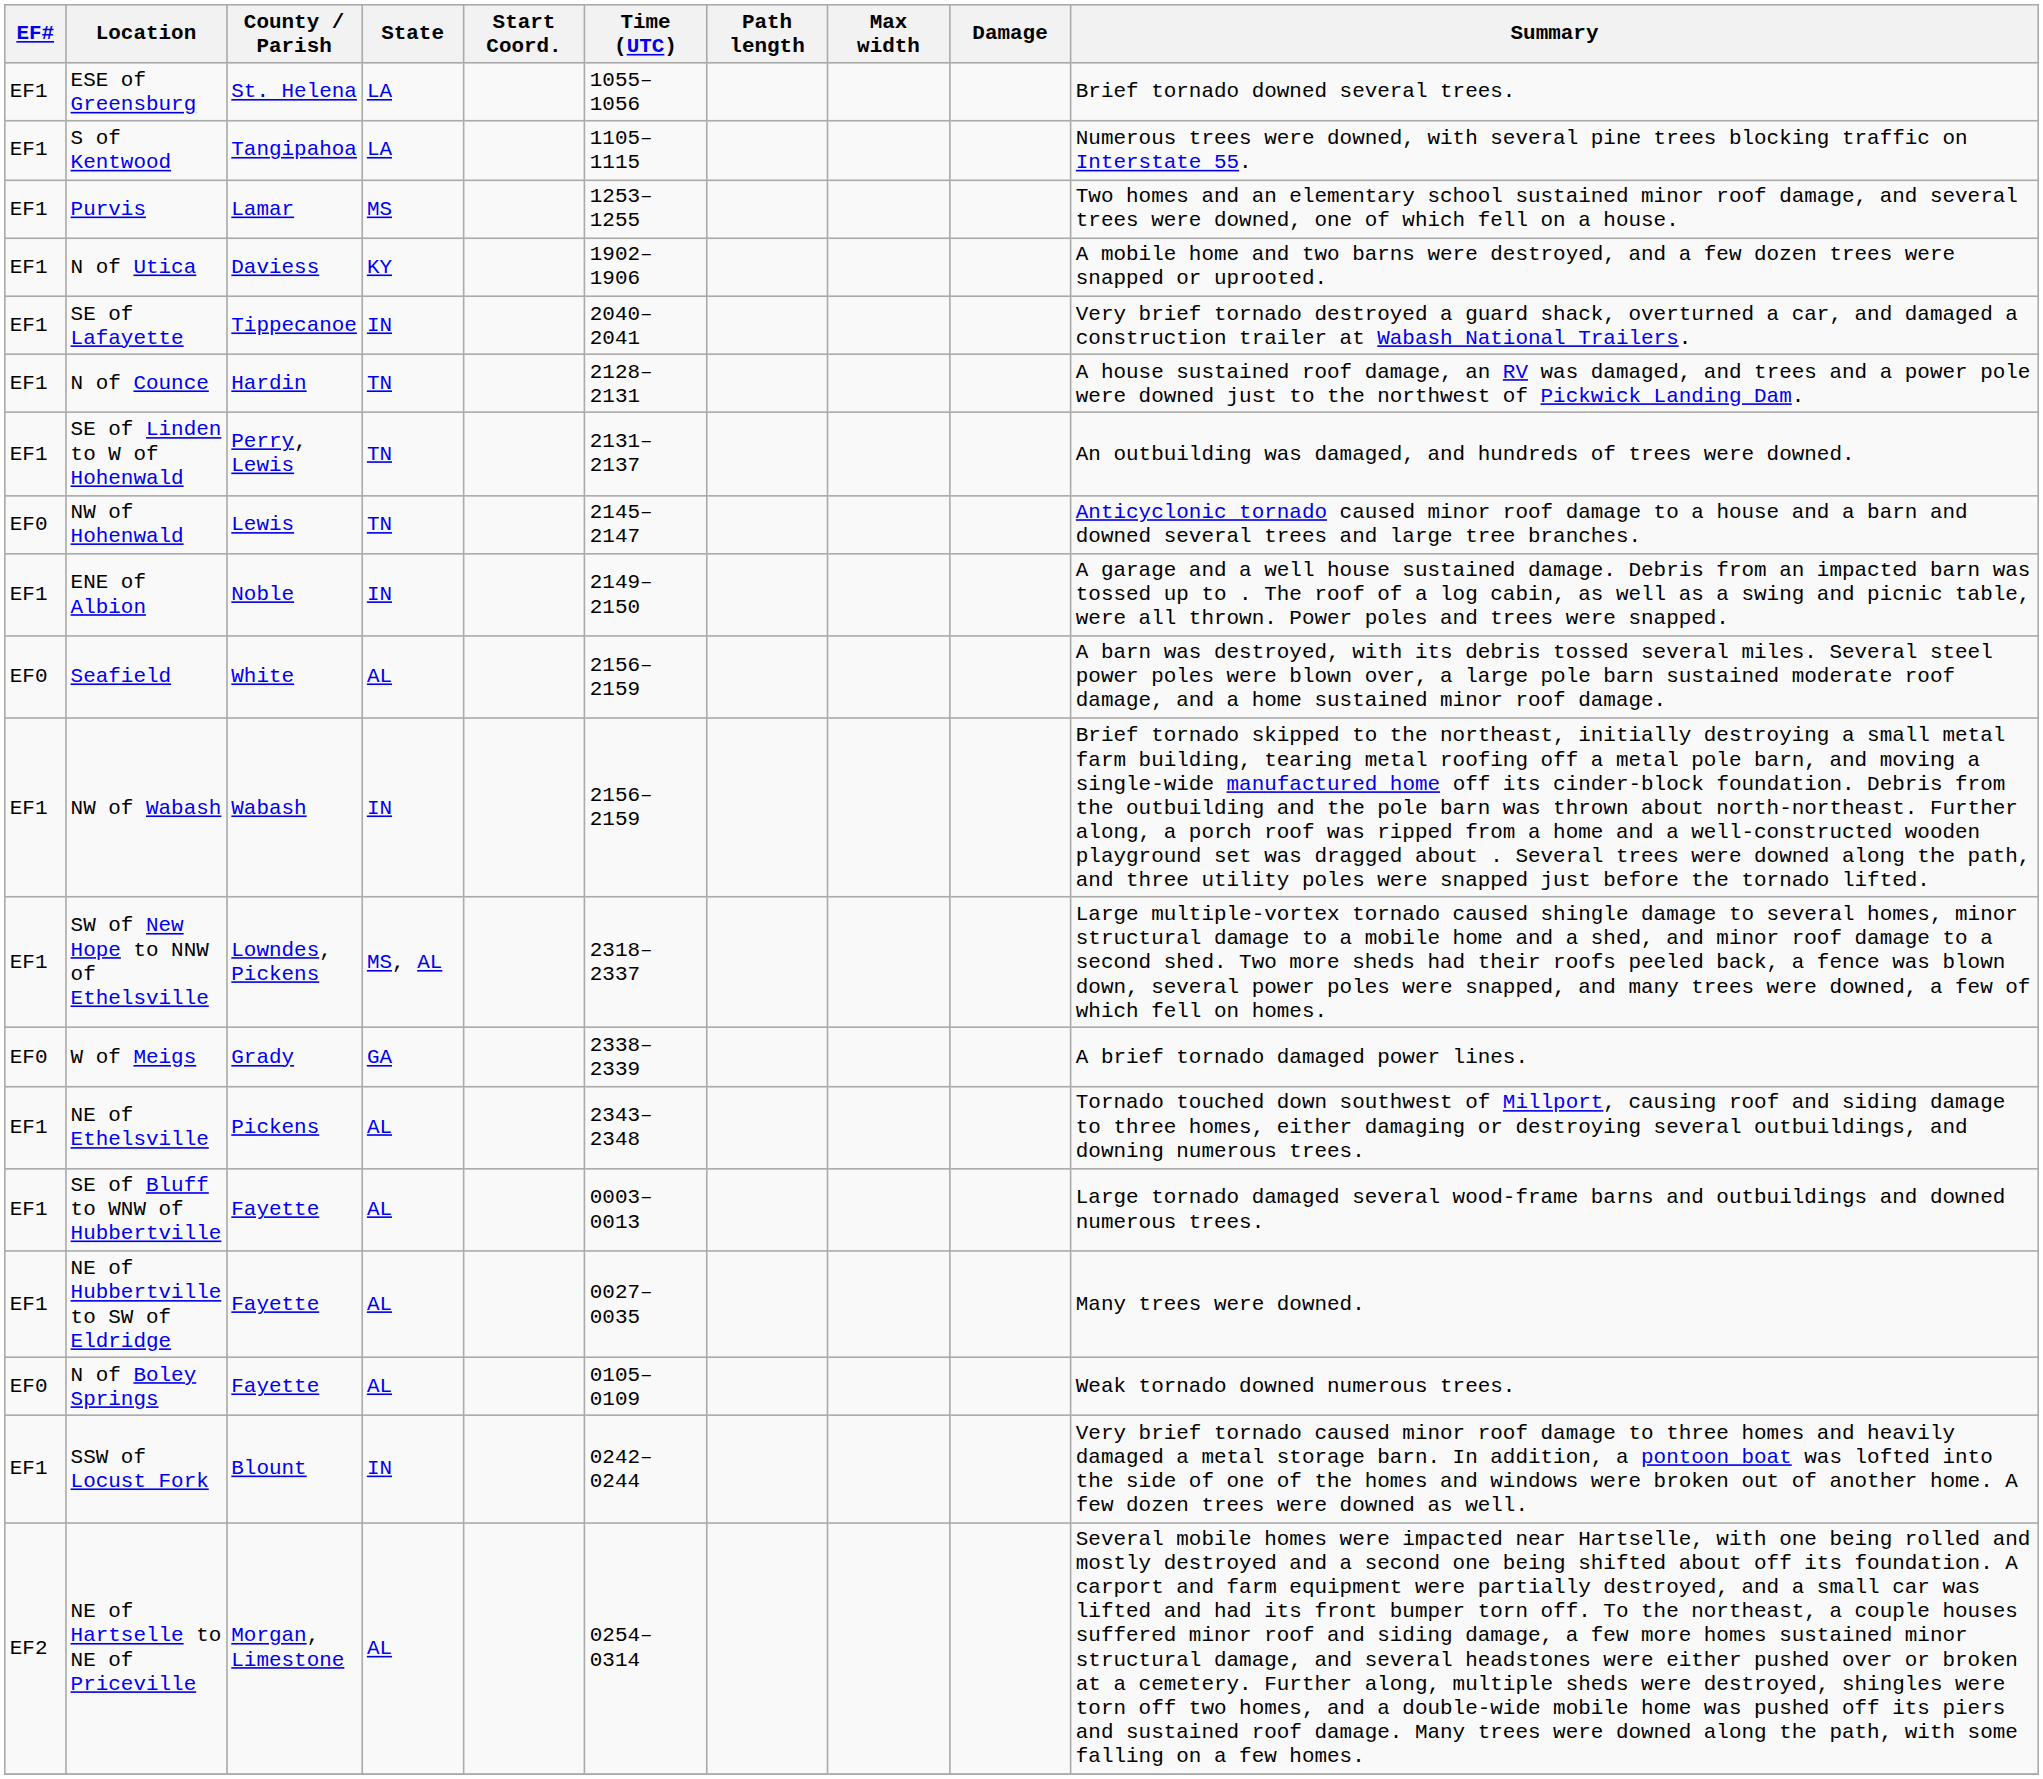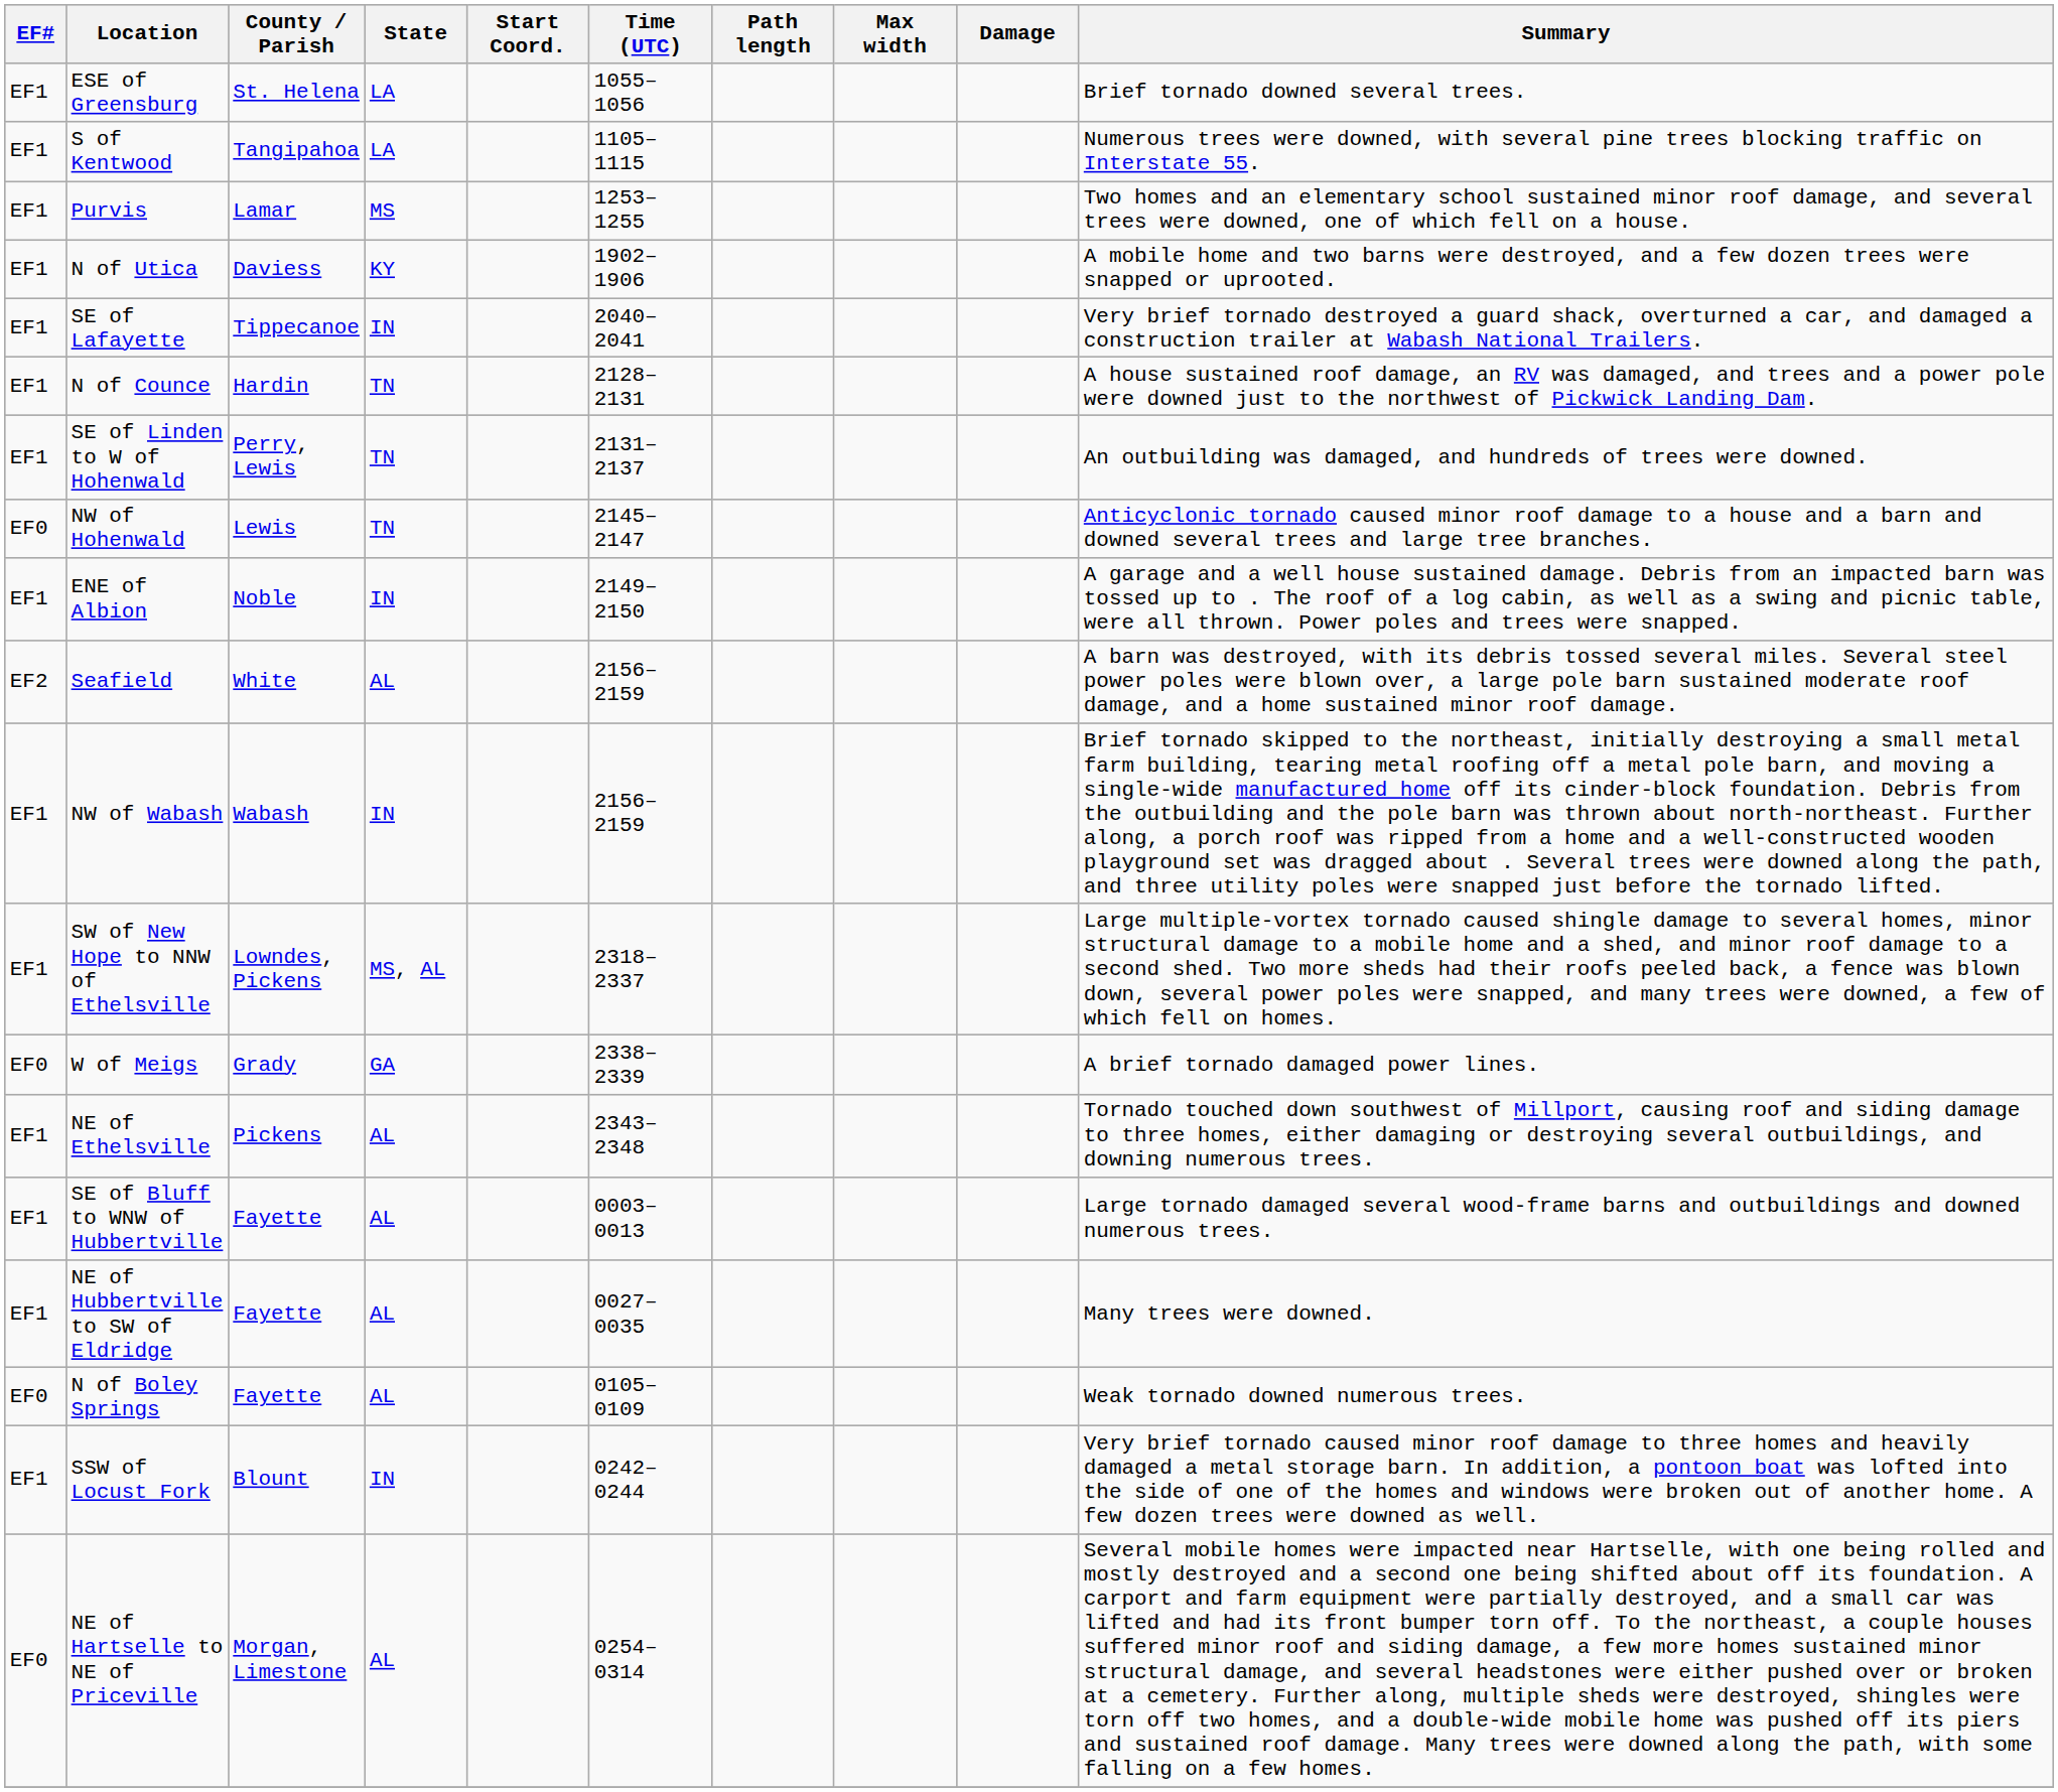 <table class="wikitable sortable" style="width:100%;">
 <tr>
 <th scope="col"  style="width:3%; text-align:center;"><a href='#'>EF#</a></th>
 <th scope="col"  style="width:7%; text-align:center;" class="unsortable">Location</th>
 <th scope="col"  style="width:6%; text-align:center;" class="unsortable">County / Parish</th>
 <th scope="col"  style="width:5%; text-align:center;">State</th>
 <th scope="col"  style="width:6%; text-align:center;">Start Coord.</th>
 <th scope="col"  style="width:6%; text-align:center;">Time (<a href='#'>UTC</a>)</th>
 <th scope="col"  style="width:6%; text-align:center;">Path length</th>
 <th scope="col"  style="width:6%; text-align:center;">Max width</th>
 <th scope="col"  style="width:6%; text-align:center;">Damage</th>
 <th scope="col" class="unsortable" style="width:48%; text-align:center;">Summary</th>
 </tr>
 <tr>
 <td>EF1</td>
 <td>ESE of <a href='#'>Greensburg</a></td>
 <td><a href='#'>St. Helena</a></td>
 <td><a href='#'>LA</a></td>
 <td></td>
 <td>1055–1056</td>
 <td></td>
 <td></td>
 <td></td>
 <td>Brief tornado downed several trees.</td>
 </tr>
 <tr>
 <td>EF1</td>
 <td>S of <a href='#'>Kentwood</a></td>
 <td><a href='#'>Tangipahoa</a></td>
 <td><a href='#'>LA</a></td>
 <td></td>
 <td>1105–1115</td>
 <td></td>
 <td></td>
 <td></td>
 <td>Numerous trees were downed, with several pine trees blocking traffic on <a href='#'>Interstate 55</a>.</td>
 </tr>
 <tr>
 <td>EF1</td>
 <td><a href='#'>Purvis</a></td>
 <td><a href='#'>Lamar</a></td>
 <td><a href='#'>MS</a></td>
 <td></td>
 <td>1253–1255</td>
 <td></td>
 <td></td>
 <td></td>
 <td>Two homes and an elementary school sustained minor roof damage, and several trees were downed, one of which fell on a house.</td>
 </tr>
 <tr>
 <td>EF1</td>
 <td>N of <a href='#'>Utica</a></td>
 <td><a href='#'>Daviess</a></td>
 <td><a href='#'>KY</a></td>
 <td></td>
 <td>1902–1906</td>
 <td></td>
 <td></td>
 <td></td>
 <td>A mobile home and two barns were destroyed, and a few dozen trees were snapped or uprooted.</td>
 </tr>
 <tr>
 <td>EF1</td>
 <td>SE of <a href='#'>Lafayette</a></td>
 <td><a href='#'>Tippecanoe</a></td>
 <td><a href='#'>IN</a></td>
 <td></td>
 <td>2040–2041</td>
 <td></td>
 <td></td>
 <td></td>
 <td>Very brief tornado destroyed a guard shack, overturned a car, and damaged a construction trailer at <a href='#'>Wabash National Trailers</a>.</td>
 </tr>
 <tr>
 <td>EF1</td>
 <td>N of <a href='#'>Counce</a></td>
 <td><a href='#'>Hardin</a></td>
 <td><a href='#'>TN</a></td>
 <td></td>
 <td>2128–2131</td>
 <td></td>
 <td></td>
 <td></td>
 <td>A house sustained roof damage, an <a href='#'>RV</a> was damaged, and trees and a power pole were downed just to the northwest of <a href='#'>Pickwick Landing Dam</a>.</td>
 </tr>
 <tr>
 <td>EF1</td>
 <td>SE of <a href='#'>Linden</a> to W of <a href='#'>Hohenwald</a></td>
 <td><a href='#'>Perry</a>, <a href='#'>Lewis</a></td>
 <td><a href='#'>TN</a></td>
 <td></td>
 <td>2131–2137</td>
 <td></td>
 <td></td>
 <td></td>
 <td>An outbuilding was damaged, and hundreds of trees were downed.</td>
 </tr>
 <tr>
 <td>EF0</td>
 <td>NW of <a href='#'>Hohenwald</a></td>
 <td><a href='#'>Lewis</a></td>
 <td><a href='#'>TN</a></td>
 <td></td>
 <td>2145–2147</td>
 <td></td>
 <td></td>
 <td></td>
 <td><a href='#'>Anticyclonic tornado</a> caused minor roof damage to a house and a barn and downed several trees and large tree branches.</td>
 </tr>
 <tr>
 <td>EF1</td>
 <td>ENE of <a href='#'>Albion</a></td>
 <td><a href='#'>Noble</a></td>
 <td><a href='#'>IN</a></td>
 <td></td>
 <td>2149–2150</td>
 <td></td>
 <td></td>
 <td></td>
 <td>A garage and a well house sustained damage. Debris from an impacted barn was tossed up to . The roof of a log cabin, as well as a swing and picnic table, were all thrown. Power poles and trees were snapped.</td>
 </tr>
 <tr>
-<td>EF0</td>
+<td>EF2</td>
 <td><a href='#'>Seafield</a></td>
 <td><a href='#'>White</a></td>
 <td><a href='#'>AL</a></td>
 <td></td>
 <td>2156–2159</td>
 <td></td>
 <td></td>
 <td></td>
 <td>A barn was destroyed, with its debris tossed several miles. Several steel power poles were blown over, a large pole barn sustained moderate roof damage, and a home sustained minor roof damage.</td>
 </tr>
 <tr>
 <td>EF1</td>
 <td>NW of <a href='#'>Wabash</a></td>
 <td><a href='#'>Wabash</a></td>
 <td><a href='#'>IN</a></td>
 <td></td>
 <td>2156–2159</td>
 <td></td>
 <td></td>
 <td></td>
 <td>Brief tornado skipped to the northeast, initially destroying a small metal farm building, tearing metal roofing off a metal pole barn, and moving a single-wide <a href='#'>manufactured home</a>  off its cinder-block foundation. Debris from the outbuilding and the pole barn was thrown about  north-northeast. Further along, a porch roof was ripped from a home and a well-constructed wooden playground set was dragged about . Several trees were downed along the path, and three utility poles were snapped just before the tornado lifted.</td>
 </tr>
 <tr>
 <td>EF1</td>
 <td>SW of <a href='#'>New Hope</a> to NNW of <a href='#'>Ethelsville</a></td>
 <td><a href='#'>Lowndes</a>, <a href='#'>Pickens</a></td>
 <td><a href='#'>MS</a>, <a href='#'>AL</a></td>
 <td></td>
 <td>2318–2337</td>
 <td></td>
 <td></td>
 <td></td>
 <td>Large multiple-vortex tornado caused shingle damage to several homes, minor structural damage to a mobile home and a shed, and minor roof damage to a second shed. Two more sheds had their roofs peeled back, a fence was blown down, several power poles were snapped, and many trees were downed, a few of which fell on homes.</td>
 </tr>
 <tr>
 <td>EF0</td>
 <td>W of <a href='#'>Meigs</a></td>
 <td><a href='#'>Grady</a></td>
 <td><a href='#'>GA</a></td>
 <td></td>
 <td>2338–2339</td>
 <td></td>
 <td></td>
 <td></td>
 <td>A brief tornado damaged power lines.</td>
 </tr>
 <tr>
 <td>EF1</td>
 <td>NE of <a href='#'>Ethelsville</a></td>
 <td><a href='#'>Pickens</a></td>
 <td><a href='#'>AL</a></td>
 <td></td>
 <td>2343–2348</td>
 <td></td>
 <td></td>
 <td></td>
 <td>Tornado touched down southwest of <a href='#'>Millport</a>, causing roof and siding damage to three homes, either damaging or destroying several outbuildings, and downing numerous trees.</td>
 </tr>
 <tr>
 <td>EF1</td>
 <td>SE of <a href='#'>Bluff</a> to WNW of <a href='#'>Hubbertville</a></td>
 <td><a href='#'>Fayette</a></td>
 <td><a href='#'>AL</a></td>
 <td></td>
 <td>0003–0013</td>
 <td></td>
 <td></td>
 <td></td>
 <td>Large tornado damaged several wood-frame barns and outbuildings and downed numerous trees.</td>
 </tr>
 <tr>
 <td>EF1</td>
 <td>NE of <a href='#'>Hubbertville</a> to SW of <a href='#'>Eldridge</a></td>
 <td><a href='#'>Fayette</a></td>
 <td><a href='#'>AL</a></td>
 <td></td>
 <td>0027–0035</td>
 <td></td>
 <td></td>
 <td></td>
 <td>Many trees were downed.</td>
 </tr>
 <tr>
 <td>EF0</td>
 <td>N of <a href='#'>Boley Springs</a></td>
 <td><a href='#'>Fayette</a></td>
 <td><a href='#'>AL</a></td>
 <td></td>
 <td>0105–0109</td>
 <td></td>
 <td></td>
 <td></td>
 <td>Weak tornado downed numerous trees.</td>
 </tr>
 <tr>
 <td>EF1</td>
 <td>SSW of <a href='#'>Locust Fork</a></td>
 <td><a href='#'>Blount</a></td>
 <td><a href='#'>IN</a></td>
 <td></td>
 <td>0242–0244</td>
 <td></td>
 <td></td>
 <td></td>
 <td>Very brief tornado caused minor roof damage to three homes and heavily damaged a metal storage barn. In addition, a <a href='#'>pontoon boat</a> was lofted into the side of one of the homes and windows were broken out of another home. A few dozen trees were downed as well.</td>
 </tr>
 <tr>
-<td>EF2</td>
+<td>EF0</td>
 <td>NE of <a href='#'>Hartselle</a> to NE of <a href='#'>Priceville</a></td>
 <td><a href='#'>Morgan</a>, <a href='#'>Limestone</a></td>
 <td><a href='#'>AL</a></td>
 <td></td>
 <td>0254–0314</td>
 <td></td>
 <td></td>
 <td></td>
 <td>Several mobile homes were impacted near Hartselle, with one being rolled  and mostly destroyed and a second one being shifted about  off its foundation. A carport and farm equipment were partially destroyed, and a small car was lifted and had its front bumper torn off. To the northeast, a couple houses suffered minor roof and siding damage, a few more homes sustained minor structural damage, and several headstones were either pushed over or broken at a cemetery. Further along, multiple sheds were destroyed, shingles were torn off two homes, and a double-wide mobile home was pushed off its piers and sustained roof damage. Many trees were downed along the path, with some falling on a few homes.</td>
 </tr>
 <tr>
 </tr>
 </table>
